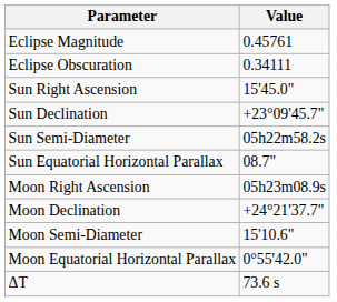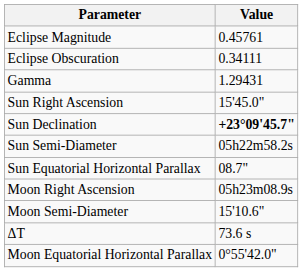 <table class="wikitable">
 <tr>
 <th>Parameter</th>
 <th>Value</th>
 </tr>
 <tr>
 <td>Eclipse Magnitude</td>
 <td>0.45761</td>
 </tr>
 <tr>
 <td>Eclipse Obscuration</td>
 <td>0.34111</td>
 </tr>
 <tr>
+<td>Gamma</td>
+<td>1.29431</td>
+</tr>
+<tr>
 <td>Sun Right Ascension</td>
 <td>15'45.0"</td>
 </tr>
 <tr>
 <td>Sun Declination</td>
-<td>+23°09'45.7"</td>
+<td><strong>+23°09'45.7"</strong></td>
 </tr>
 <tr>
 <td>Sun Semi-Diameter</td>
 <td>05h22m58.2s</td>
 </tr>
 <tr>
 <td>Sun Equatorial Horizontal Parallax</td>
 <td>08.7"</td>
 </tr>
 <tr>
 <td>Moon Right Ascension</td>
 <td>05h23m08.9s</td>
 </tr>
 <tr>
-<td>Moon Declination</td>
-<td>+24°21'37.7"</td>
+<td>Moon Semi-Diameter</td>
+<td>15'10.6"</td>
 </tr>
 <tr>
-<td>Moon Semi-Diameter</td>
-<td>15'10.6"</td>
+<td>ΔT</td>
+<td>73.6 s</td>
 </tr>
 <tr>
 <td>Moon Equatorial Horizontal Parallax</td>
 <td>0°55'42.0"</td>
 </tr>
-<tr>
-<td>ΔT</td>
-<td>73.6 s</td>
-</tr>
 </table>
